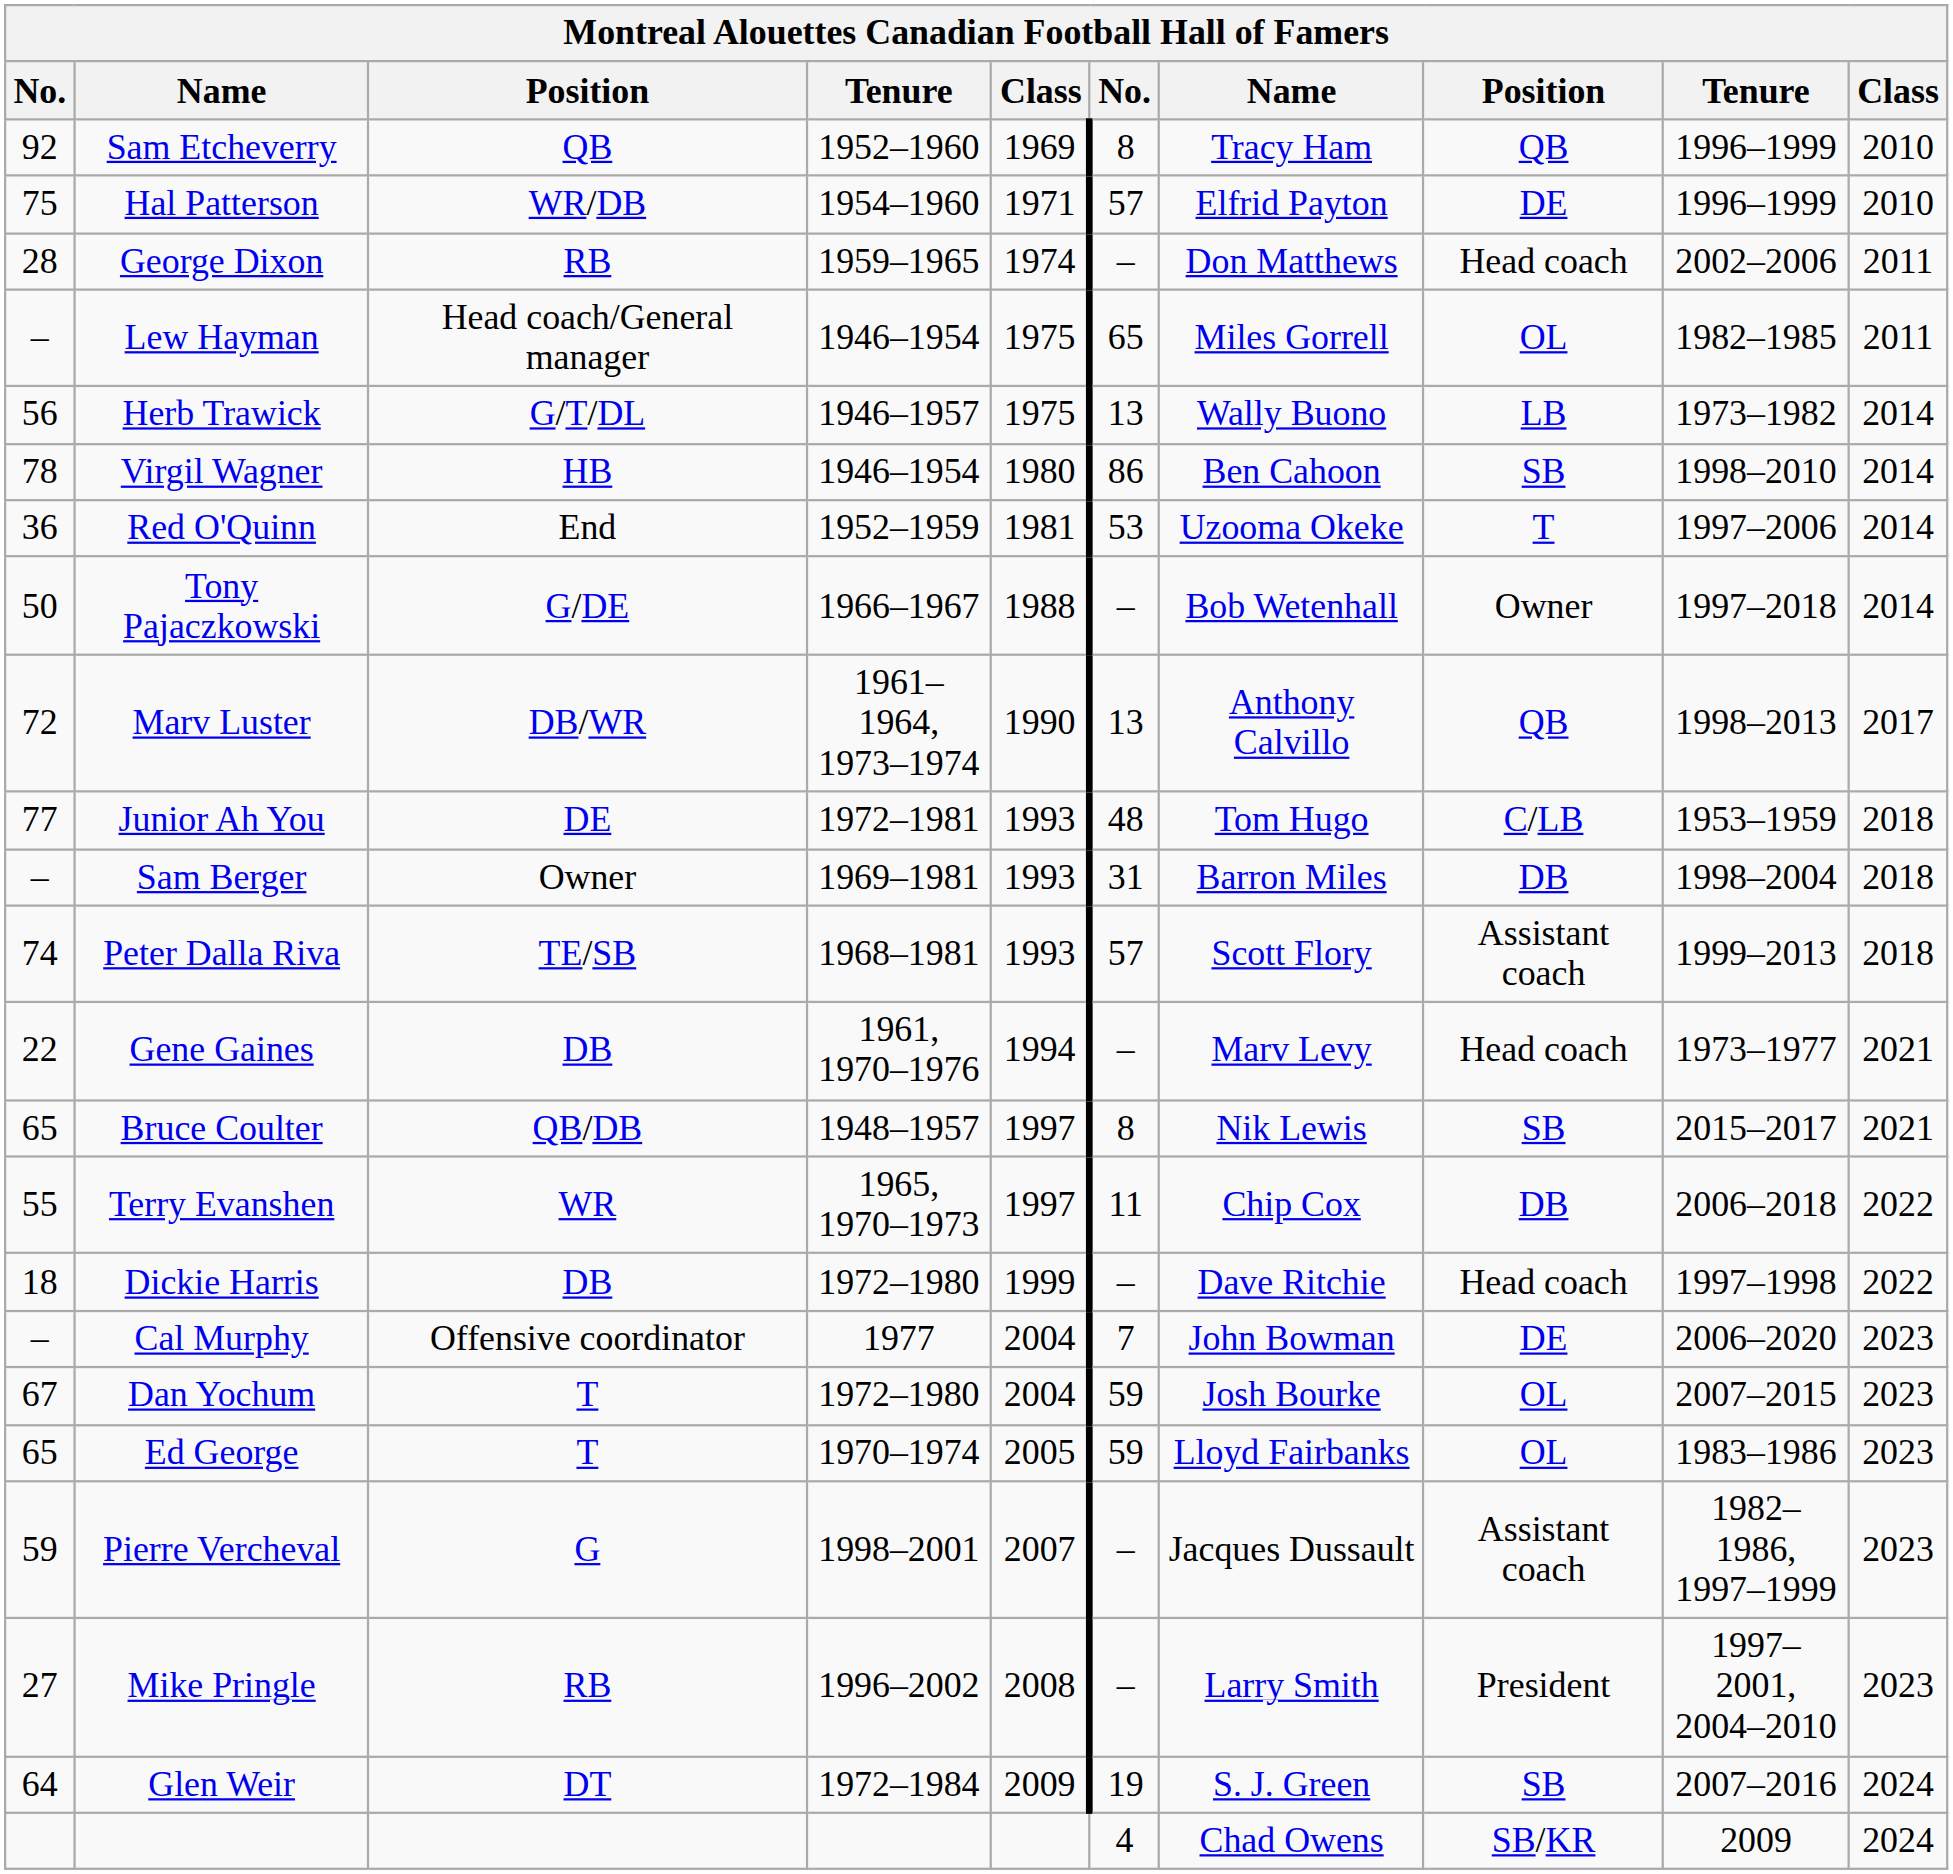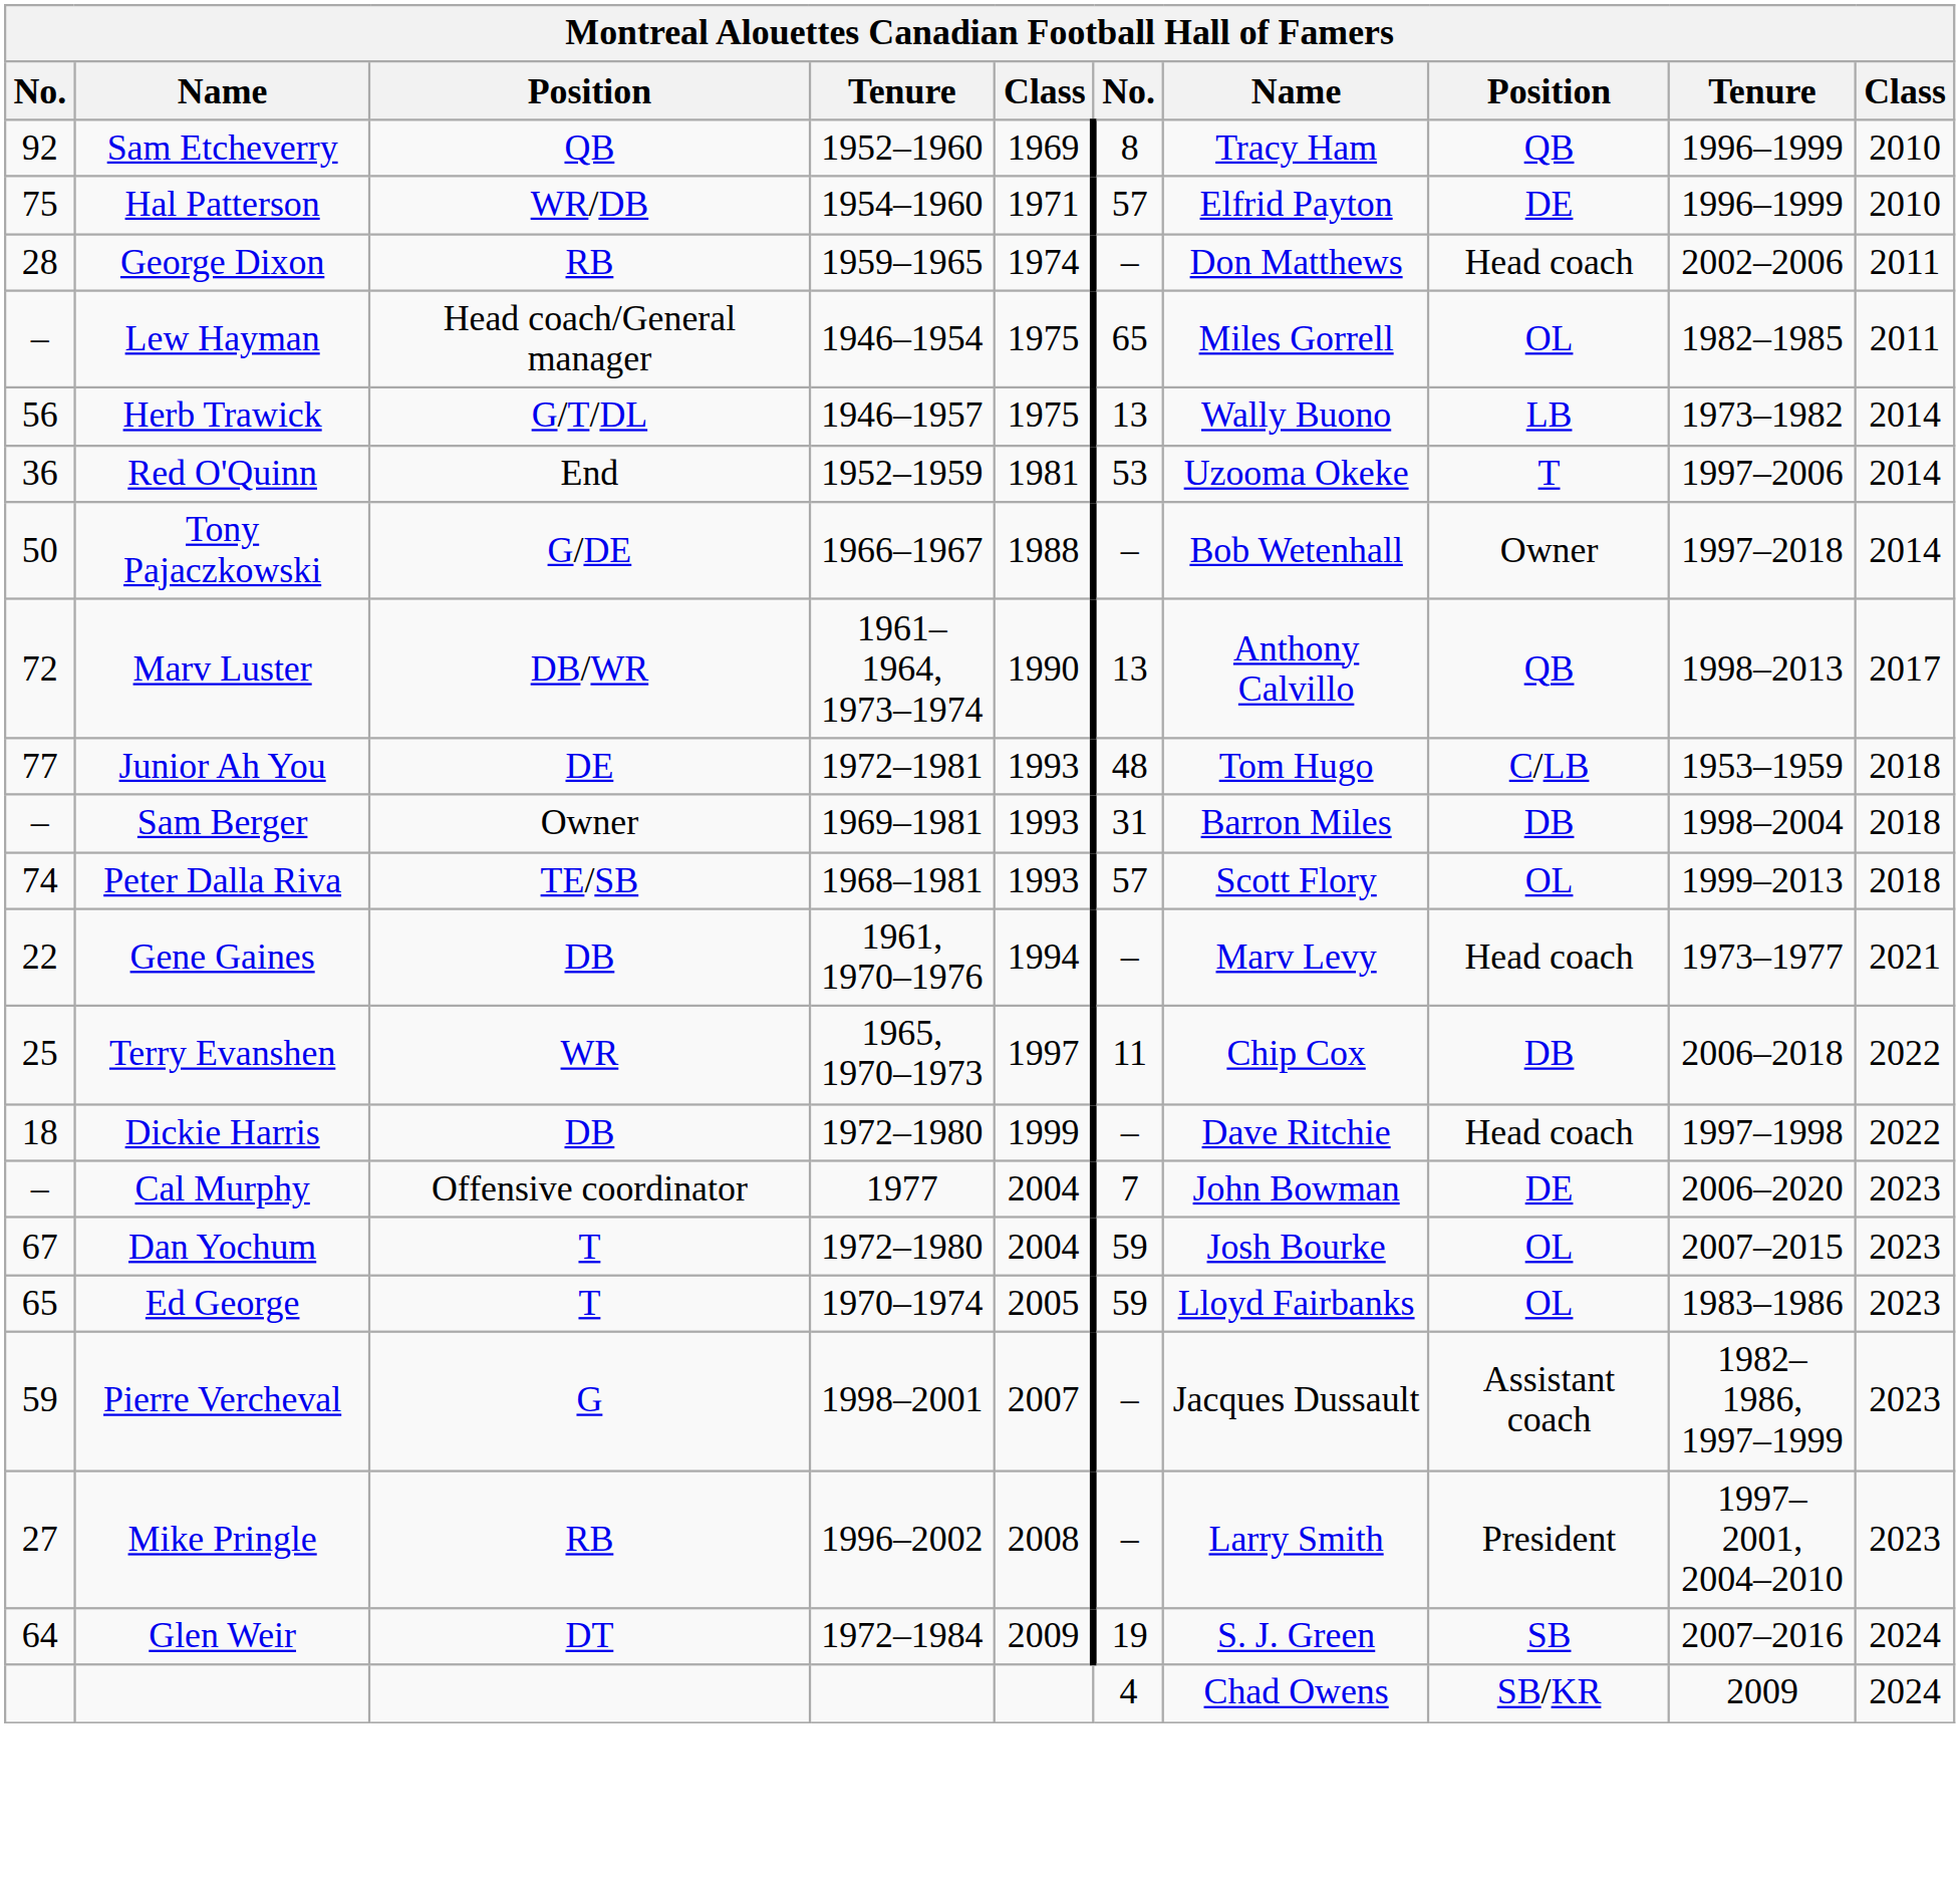 <table class="wikitable" style="text-align:center">
 <tr>
 <th colspan="10"><strong>Montreal Alouettes Canadian Football Hall of Famers</strong></th>
 </tr>
 <tr>
 <th>No.</th>
 <th>Name</th>
 <th>Position</th>
 <th>Tenure</th>
 <th>Class</th>
 <th>No.</th>
 <th>Name</th>
 <th>Position</th>
 <th>Tenure</th>
 <th>Class</th>
 </tr>
 <tr>
 <td align=center;>92</td>
 <td><a href='#'>Sam Etcheverry</a></td>
 <td><a href='#'>QB</a></td>
 <td>1952–1960</td>
 <td align=center style="border-right:3px solid ">1969</td>
 <td>8</td>
 <td><a href='#'>Tracy Ham</a></td>
 <td><a href='#'>QB</a></td>
 <td>1996–1999</td>
 <td>2010</td>
 </tr>
 <tr>
 <td align=center;>75</td>
 <td><a href='#'>Hal Patterson</a></td>
 <td><a href='#'>WR</a>/<a href='#'>DB</a></td>
 <td>1954–1960</td>
 <td align=center style="border-right:3px solid ">1971</td>
 <td>57</td>
 <td><a href='#'>Elfrid Payton</a></td>
 <td><a href='#'>DE</a></td>
 <td>1996–1999</td>
 <td>2010</td>
 </tr>
 <tr>
 <td>28</td>
 <td><a href='#'>George Dixon</a></td>
 <td><a href='#'>RB</a></td>
 <td>1959–1965</td>
 <td align=center style="border-right:3px solid ">1974</td>
 <td>–</td>
 <td><a href='#'>Don Matthews</a></td>
 <td>Head coach</td>
 <td>2002–2006</td>
 <td>2011</td>
 </tr>
 <tr>
 <td>–</td>
 <td><a href='#'>Lew Hayman</a></td>
 <td>Head coach/General manager</td>
 <td>1946–1954</td>
 <td align=center style="border-right:3px solid ">1975</td>
 <td>65</td>
 <td><a href='#'>Miles Gorrell</a></td>
 <td><a href='#'>OL</a></td>
 <td>1982–1985</td>
 <td>2011</td>
 </tr>
 <tr>
 <td>56</td>
 <td><a href='#'>Herb Trawick</a></td>
 <td><a href='#'>G</a>/<a href='#'>T</a>/<a href='#'>DL</a></td>
 <td>1946–1957</td>
 <td align=center style="border-right:3px solid ">1975</td>
 <td>13</td>
 <td><a href='#'>Wally Buono</a></td>
 <td><a href='#'>LB</a></td>
 <td>1973–1982</td>
 <td>2014</td>
 </tr>
 <tr>
-<td>78</td>
-<td><a href='#'>Virgil Wagner</a></td>
-<td><a href='#'>HB</a></td>
-<td>1946–1954</td>
-<td align=center style="border-right:3px solid ">1980</td>
-<td>86</td>
-<td><a href='#'>Ben Cahoon</a></td>
-<td><a href='#'>SB</a></td>
-<td>1998–2010</td>
-<td>2014</td>
-</tr>
-<tr>
 <td>36</td>
 <td><a href='#'>Red O'Quinn</a></td>
 <td>End</td>
 <td>1952–1959</td>
 <td align=center style="border-right:3px solid ">1981</td>
 <td>53</td>
 <td><a href='#'>Uzooma Okeke</a></td>
 <td><a href='#'>T</a></td>
 <td>1997–2006</td>
 <td>2014</td>
 </tr>
 <tr>
 <td>50</td>
 <td><a href='#'>Tony Pajaczkowski</a></td>
 <td><a href='#'>G</a>/<a href='#'>DE</a></td>
 <td>1966–1967</td>
 <td align=center style="border-right:3px solid ">1988</td>
 <td>–</td>
 <td><a href='#'>Bob Wetenhall</a></td>
 <td>Owner</td>
 <td>1997–2018</td>
 <td>2014</td>
 </tr>
 <tr>
 <td>72</td>
 <td><a href='#'>Marv Luster</a></td>
 <td><a href='#'>DB</a>/<a href='#'>WR</a></td>
 <td>1961–1964,<br>1973–1974</td>
 <td align=center style="border-right:3px solid ">1990</td>
 <td>13</td>
 <td><a href='#'>Anthony Calvillo</a></td>
 <td><a href='#'>QB</a></td>
 <td>1998–2013</td>
 <td>2017</td>
 </tr>
 <tr>
 <td>77</td>
 <td><a href='#'>Junior Ah You</a></td>
 <td><a href='#'>DE</a></td>
 <td>1972–1981</td>
 <td align=center style="border-right:3px solid ">1993</td>
 <td>48</td>
 <td><a href='#'>Tom Hugo</a></td>
 <td><a href='#'>C</a>/<a href='#'>LB</a></td>
 <td>1953–1959</td>
 <td>2018</td>
 </tr>
 <tr>
 <td>–</td>
 <td><a href='#'>Sam Berger</a></td>
 <td>Owner</td>
 <td>1969–1981</td>
 <td align=center style="border-right:3px solid ">1993</td>
 <td>31</td>
 <td><a href='#'>Barron Miles</a></td>
 <td><a href='#'>DB</a></td>
 <td>1998–2004</td>
 <td>2018</td>
 </tr>
 <tr>
 <td>74</td>
 <td><a href='#'>Peter Dalla Riva</a></td>
 <td><a href='#'>TE</a>/<a href='#'>SB</a></td>
 <td>1968–1981</td>
 <td align=center style="border-right:3px solid ">1993</td>
 <td>57</td>
 <td><a href='#'>Scott Flory</a></td>
-<td>Assistant coach</td>
+<td><a href='#'>OL</a></td>
 <td>1999–2013</td>
 <td>2018</td>
 </tr>
 <tr>
 <td>22</td>
 <td><a href='#'>Gene Gaines</a></td>
 <td><a href='#'>DB</a></td>
 <td>1961,<br>1970–1976</td>
 <td align=center style="border-right:3px solid ">1994</td>
 <td>–</td>
 <td><a href='#'>Marv Levy</a></td>
 <td>Head coach</td>
 <td>1973–1977</td>
 <td>2021</td>
 </tr>
 <tr>
-<td>65</td>
-<td><a href='#'>Bruce Coulter</a></td>
-<td><a href='#'>QB</a>/<a href='#'>DB</a></td>
-<td>1948–1957</td>
-<td align=center style="border-right:3px solid ">1997</td>
-<td>8</td>
-<td><a href='#'>Nik Lewis</a></td>
-<td><a href='#'>SB</a></td>
-<td>2015–2017</td>
-<td>2021</td>
-</tr>
-<tr>
-<td>55</td>
+<td>25</td>
 <td><a href='#'>Terry Evanshen</a></td>
 <td><a href='#'>WR</a></td>
 <td>1965,<br>1970–1973</td>
 <td align=center style="border-right:3px solid ">1997</td>
 <td>11</td>
 <td><a href='#'>Chip Cox</a></td>
 <td><a href='#'>DB</a></td>
 <td>2006–2018</td>
 <td>2022</td>
 </tr>
 <tr>
 <td>18</td>
 <td><a href='#'>Dickie Harris</a></td>
 <td><a href='#'>DB</a></td>
 <td>1972–1980</td>
 <td align=center style="border-right:3px solid ">1999</td>
 <td>–</td>
 <td><a href='#'>Dave Ritchie</a></td>
 <td>Head coach</td>
 <td>1997–1998</td>
 <td>2022</td>
 </tr>
 <tr>
 <td>–</td>
 <td><a href='#'>Cal Murphy</a></td>
 <td>Offensive coordinator</td>
 <td>1977</td>
 <td align=center style="border-right:3px solid ">2004</td>
 <td>7</td>
 <td><a href='#'>John Bowman</a></td>
 <td><a href='#'>DE</a></td>
 <td>2006–2020</td>
 <td>2023</td>
 </tr>
 <tr>
 <td>67</td>
 <td><a href='#'>Dan Yochum</a></td>
 <td><a href='#'>T</a></td>
 <td>1972–1980</td>
 <td align=center style="border-right:3px solid ">2004</td>
 <td>59</td>
 <td><a href='#'>Josh Bourke</a></td>
 <td><a href='#'>OL</a></td>
 <td>2007–2015</td>
 <td>2023</td>
 </tr>
 <tr>
 <td>65</td>
 <td><a href='#'>Ed George</a></td>
 <td><a href='#'>T</a></td>
 <td>1970–1974</td>
 <td align=center style="border-right:3px solid ">2005</td>
 <td>59</td>
 <td><a href='#'>Lloyd Fairbanks</a></td>
 <td><a href='#'>OL</a></td>
 <td>1983–1986</td>
 <td>2023</td>
 </tr>
 <tr>
 <td>59</td>
 <td><a href='#'>Pierre Vercheval</a></td>
 <td><a href='#'>G</a></td>
 <td>1998–2001</td>
 <td align=center style="border-right:3px solid ">2007</td>
 <td>–</td>
 <td>Jacques Dussault</td>
 <td>Assistant coach</td>
 <td>1982–1986,<br>1997–1999</td>
 <td>2023</td>
 </tr>
 <tr>
 <td>27</td>
 <td><a href='#'>Mike Pringle</a></td>
 <td><a href='#'>RB</a></td>
 <td>1996–2002</td>
 <td align=center style="border-right:3px solid ">2008</td>
 <td>–</td>
 <td><a href='#'>Larry Smith</a></td>
 <td>President</td>
 <td>1997–2001,<br>2004–2010</td>
 <td>2023</td>
 </tr>
 <tr>
 <td>64</td>
 <td><a href='#'>Glen Weir</a></td>
 <td><a href='#'>DT</a></td>
 <td>1972–1984</td>
 <td align=center style="border-right:3px solid ">2009</td>
 <td>19</td>
 <td><a href='#'>S. J. Green</a></td>
 <td><a href='#'>SB</a></td>
 <td>2007–2016</td>
 <td>2024</td>
 </tr>
 <tr>
 <td></td>
 <td></td>
 <td></td>
 <td></td>
 <td></td>
 <td>4</td>
 <td><a href='#'>Chad Owens</a></td>
 <td><a href='#'>SB</a>/<a href='#'>KR</a></td>
 <td>2009</td>
 <td>2024</td>
 </tr>
 </table>
